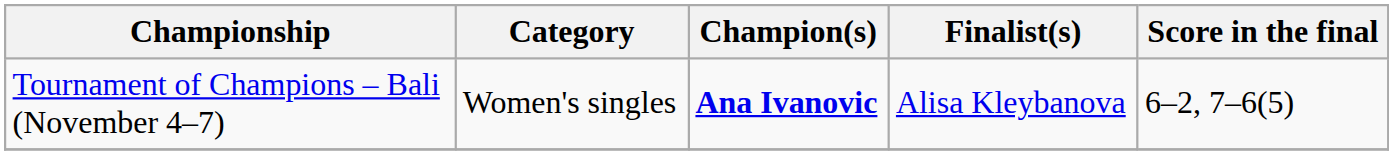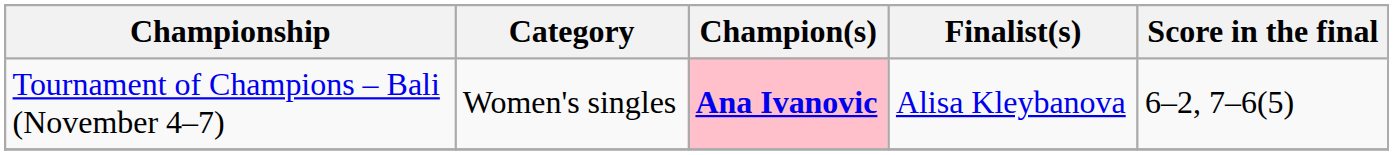 <table class="wikitable" style="font-size:90%;" width=100%>
 <tr>
 <th>Championship</th>
 <th>Category</th>
 <th>Champion(s)</th>
 <th>Finalist(s)</th>
 <th>Score in the final</th>
 </tr>
 <tr>
 <td rowspan="1"><a href='#'>Tournament of Champions – Bali</a><br>(November 4–7)</td>
 <td>Women's singles</td>
-<td> <strong><a href='#'>Ana Ivanovic</a></strong></td>
+<td style="background: pink;"> <strong><a href='#'>Ana Ivanovic</a></strong></td>
 <td> <a href='#'>Alisa Kleybanova</a></td>
 <td>6–2, 7–6(5)</td>
 </tr>
 <tr>
 </tr>
 </table>
